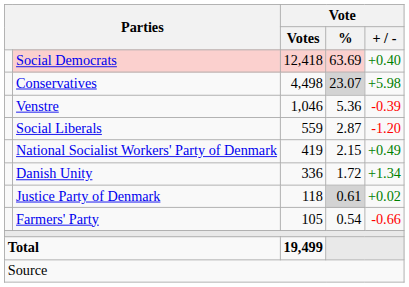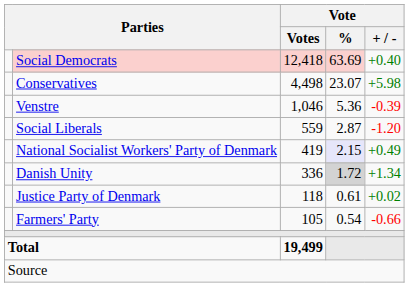 <table class="wikitable" style="text-align:right;">
 <tr>
 <th style="text-align:centre;" rowspan="2" colspan="2" width="225">Parties</th>
 <th colspan="3">Vote</th>
 </tr>
 <tr>
 <th width="15">Votes</th>
 <th width="15">%</th>
 <th width="15">+ / -</th>
 </tr>
 <tr>
 <td width="2" style="color:inherit;background:"></td>
 <td bgcolor=#fbd0ce  align="left"><a href='#'>Social Democrats</a></td>
 <td bgcolor=#fbd0ce>12,418</td>
 <td bgcolor=#fbd0ce>63.69</td>
 <td style=color:green;>+0.40</td>
 </tr>
 <tr>
 <td width="2" style="color:inherit;background:"></td>
 <td align="left"><a href='#'>Conservatives</a></td>
 <td>4,498</td>
-<td style="background: lightgrey;">23.07</td>
+<td>23.07</td>
 <td style=color:green;>+5.98</td>
 </tr>
 <tr>
 <td width="2" style="color:inherit;background:"></td>
 <td align="left"><a href='#'>Venstre</a></td>
 <td>1,046</td>
 <td>5.36</td>
 <td style=color:red;>-0.39</td>
 </tr>
 <tr>
 <td width="2" style="color:inherit;background:"></td>
 <td align="left"><a href='#'>Social Liberals</a></td>
 <td>559</td>
 <td>2.87</td>
 <td style=color:red;>-1.20</td>
 </tr>
 <tr>
 <td width="2" style="color:inherit;background:"></td>
 <td align="left"><a href='#'>National Socialist Workers' Party of Denmark</a></td>
 <td>419</td>
-<td>2.15</td>
+<td style="background: lavender;">2.15</td>
 <td style=color:green;>+0.49</td>
 </tr>
 <tr>
 <td width="2" style="color:inherit;background:"></td>
 <td align="left"><a href='#'>Danish Unity</a></td>
 <td>336</td>
-<td>1.72</td>
+<td style="background: lightgrey;">1.72</td>
 <td style=color:green;>+1.34</td>
 </tr>
 <tr>
 <td width="2" style="color:inherit;background:"></td>
 <td align="left"><a href='#'>Justice Party of Denmark</a></td>
 <td>118</td>
-<td style="background: lightgrey;">0.61</td>
+<td>0.61</td>
 <td style=color:green;>+0.02</td>
 </tr>
 <tr>
 <td width="2" style="color:inherit;background:"></td>
 <td align="left"><a href='#'>Farmers' Party</a></td>
 <td>105</td>
 <td>0.54</td>
 <td style=color:red;>-0.66</td>
 </tr>
 <tr>
 <td colspan="7" bgcolor="#E9E9E9"></td>
 </tr>
 <tr>
 <td align="left" colspan="2"><strong>Total</strong></td>
 <td><strong>19,499</strong></td>
 <td bgcolor="#E9E9E9" colspan="2"></td>
 </tr>
 <tr>
 <td align="left" colspan="6">Source</td>
 </tr>
 </table>
